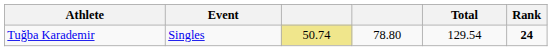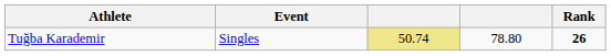 <table class="wikitable" width="50%" style="text-align:center; font-size:90%">
 <tr>
 <th width="25%">Athlete</th>
 <th width="18%">Event</th>
 <th width="11%"></th>
 <th width="11%"></th>
-<th width="13%">Total</th>
 <th width="6%">Rank</th>
 </tr>
 <tr>
 <td align="left"><a href='#'>Tuğba Karademir</a></td>
 <td align="left"><a href='#'>Singles</a></td>
 <td style="background: khaki;">50.74</td>
 <td>78.80</td>
-<td>129.54</td>
-<td><strong>24</strong></td>
+<td><strong>26</strong></td>
 </tr>
 </table>
